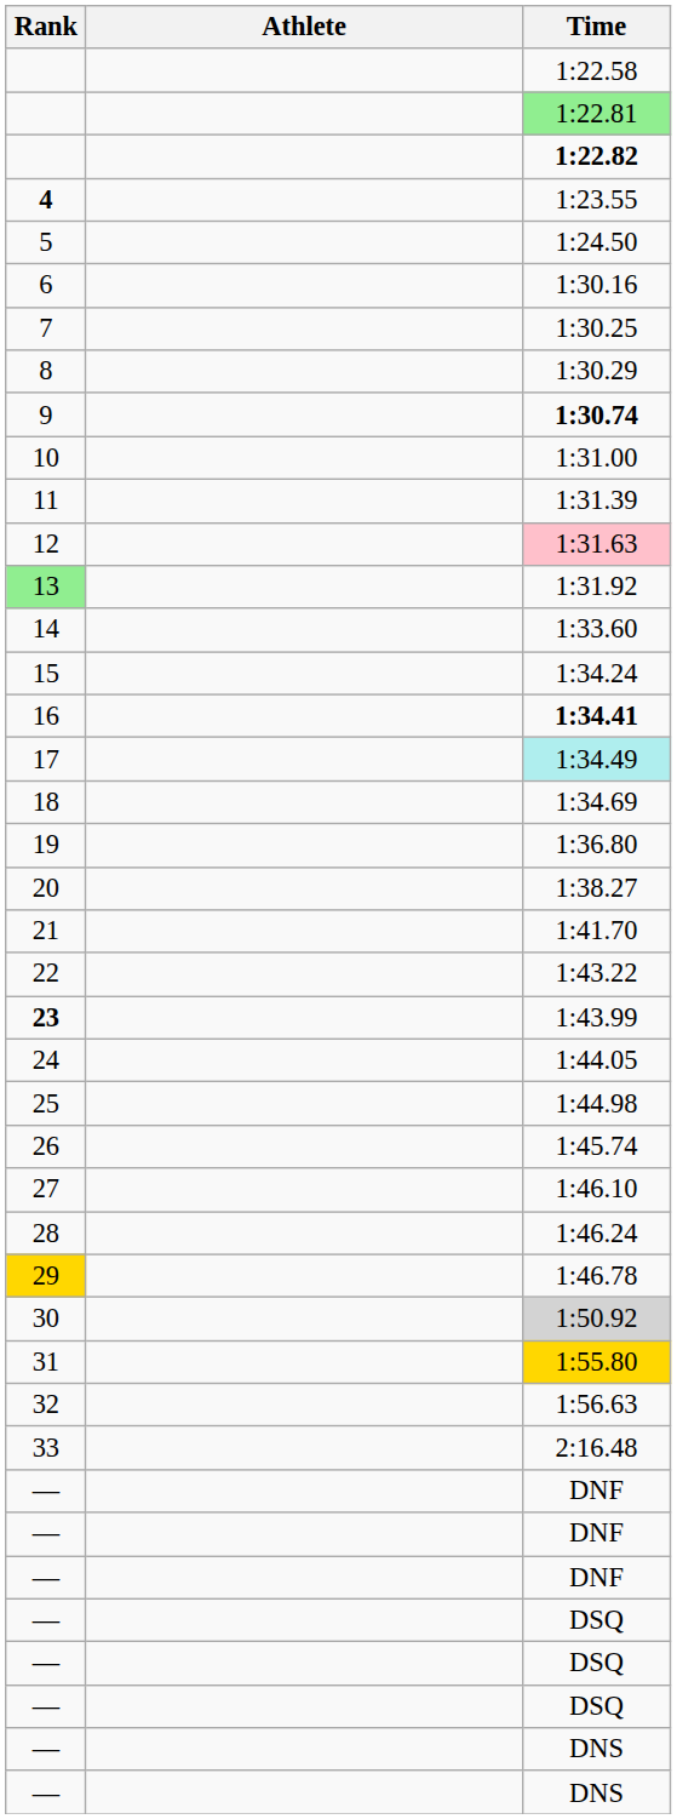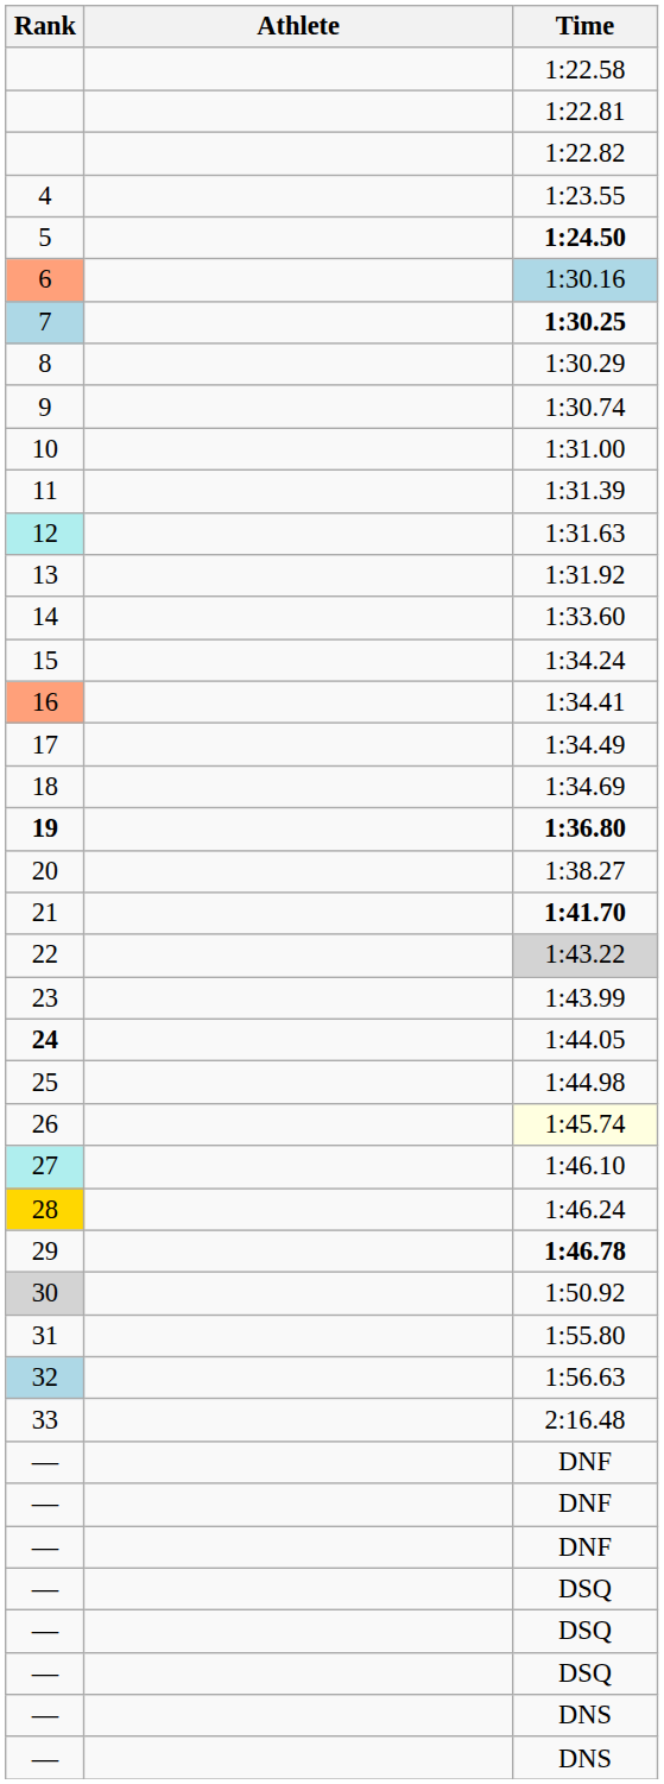 <table class=wikitable style="text-align:center">
 <tr>
 <th width=40>Rank</th>
 <th width=250>Athlete</th>
 <th width=80>Time</th>
 </tr>
 <tr>
 <td></td>
 <td align=left></td>
 <td>1:22.58</td>
 </tr>
 <tr>
 <td></td>
 <td align=left></td>
-<td style="background: lightgreen;">1:22.81</td>
+<td>1:22.81</td>
 </tr>
 <tr>
 <td></td>
 <td align=left></td>
-<td><strong>1:22.82</strong></td>
+<td>1:22.82</td>
 </tr>
 <tr>
-<td><strong>4</strong></td>
+<td>4</td>
 <td align=left></td>
 <td>1:23.55</td>
 </tr>
 <tr>
 <td>5</td>
 <td align=left></td>
-<td>1:24.50</td>
+<td><strong>1:24.50</strong></td>
 </tr>
 <tr>
-<td>6</td>
+<td style="background: lightsalmon;">6</td>
 <td align=left></td>
-<td>1:30.16</td>
+<td style="background: lightblue;">1:30.16</td>
 </tr>
 <tr>
-<td>7</td>
+<td style="background: lightblue;">7</td>
 <td align=left></td>
-<td>1:30.25</td>
+<td><strong>1:30.25</strong></td>
 </tr>
 <tr>
 <td>8</td>
 <td align=left></td>
 <td>1:30.29</td>
 </tr>
 <tr>
 <td>9</td>
 <td align=left></td>
-<td><strong>1:30.74</strong></td>
+<td>1:30.74</td>
 </tr>
 <tr>
 <td>10</td>
 <td align=left></td>
 <td>1:31.00</td>
 </tr>
 <tr>
 <td>11</td>
 <td align=left></td>
 <td>1:31.39</td>
 </tr>
 <tr>
-<td>12</td>
+<td style="background: paleturquoise;">12</td>
 <td align=left></td>
-<td style="background: pink;">1:31.63</td>
+<td>1:31.63</td>
 </tr>
 <tr>
-<td style="background: lightgreen;">13</td>
+<td>13</td>
 <td align=left></td>
 <td>1:31.92</td>
 </tr>
 <tr>
 <td>14</td>
 <td align=left></td>
 <td>1:33.60</td>
 </tr>
 <tr>
 <td>15</td>
 <td align=left></td>
 <td>1:34.24</td>
 </tr>
 <tr>
-<td>16</td>
+<td style="background: lightsalmon;">16</td>
 <td align=left></td>
-<td><strong>1:34.41</strong></td>
+<td>1:34.41</td>
 </tr>
 <tr>
 <td>17</td>
 <td align=left></td>
-<td style="background: paleturquoise;">1:34.49</td>
+<td>1:34.49</td>
 </tr>
 <tr>
 <td>18</td>
 <td align=left></td>
 <td>1:34.69</td>
 </tr>
 <tr>
-<td>19</td>
+<td><strong>19</strong></td>
 <td align=left></td>
-<td>1:36.80</td>
+<td><strong>1:36.80</strong></td>
 </tr>
 <tr>
 <td>20</td>
 <td align=left></td>
 <td>1:38.27</td>
 </tr>
 <tr>
 <td>21</td>
 <td align=left></td>
-<td>1:41.70</td>
+<td><strong>1:41.70</strong></td>
 </tr>
 <tr>
 <td>22</td>
 <td align=left></td>
-<td>1:43.22</td>
+<td style="background: lightgrey;">1:43.22</td>
 </tr>
 <tr>
-<td><strong>23</strong></td>
+<td>23</td>
 <td align=left></td>
 <td>1:43.99</td>
 </tr>
 <tr>
-<td>24</td>
+<td><strong>24</strong></td>
 <td align=left></td>
 <td>1:44.05</td>
 </tr>
 <tr>
 <td>25</td>
 <td align=left></td>
 <td>1:44.98</td>
 </tr>
 <tr>
 <td>26</td>
 <td align=left></td>
-<td>1:45.74</td>
+<td style="background: lightyellow;">1:45.74</td>
 </tr>
 <tr>
-<td>27</td>
+<td style="background: paleturquoise;">27</td>
 <td align=left></td>
 <td>1:46.10</td>
 </tr>
 <tr>
-<td>28</td>
+<td style="background: gold;">28</td>
 <td align=left></td>
 <td>1:46.24</td>
 </tr>
 <tr>
-<td style="background: gold;">29</td>
+<td>29</td>
 <td align=left></td>
-<td>1:46.78</td>
+<td><strong>1:46.78</strong></td>
 </tr>
 <tr>
-<td>30</td>
+<td style="background: lightgrey;">30</td>
 <td align=left></td>
-<td style="background: lightgrey;">1:50.92</td>
+<td>1:50.92</td>
 </tr>
 <tr>
 <td>31</td>
 <td align=left></td>
-<td style="background: gold;">1:55.80</td>
+<td>1:55.80</td>
 </tr>
 <tr>
-<td>32</td>
+<td style="background: lightblue;">32</td>
 <td align=left></td>
 <td>1:56.63</td>
 </tr>
 <tr>
 <td>33</td>
 <td align=left></td>
 <td>2:16.48</td>
 </tr>
 <tr>
 <td>—</td>
 <td align=left></td>
 <td>DNF</td>
 </tr>
 <tr>
 <td>—</td>
 <td align=left></td>
 <td>DNF</td>
 </tr>
 <tr>
 <td>—</td>
 <td align=left></td>
 <td>DNF</td>
 </tr>
 <tr>
 <td>—</td>
 <td align=left></td>
 <td>DSQ</td>
 </tr>
 <tr>
 <td>—</td>
 <td align=left></td>
 <td>DSQ</td>
 </tr>
 <tr>
 <td>—</td>
 <td align=left></td>
 <td>DSQ</td>
 </tr>
 <tr>
 <td>—</td>
 <td align=left></td>
 <td>DNS</td>
 </tr>
 <tr>
 <td>—</td>
 <td align=left></td>
 <td>DNS</td>
 </tr>
 </table>
